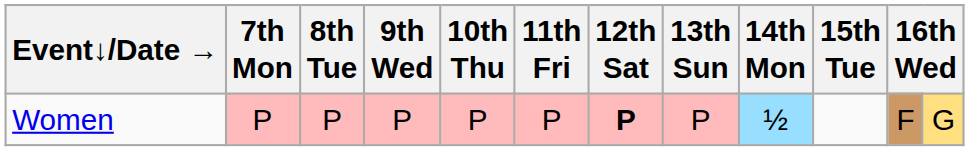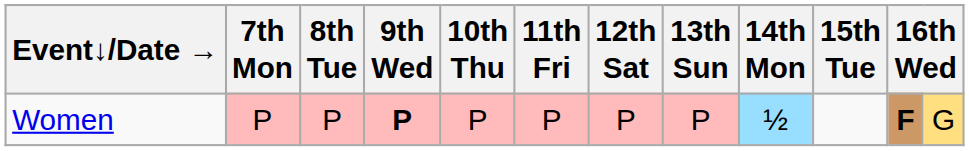 <table class="wikitable" style="margin:0.5em auto; font-size:90%; line-height:1.25em; text-align:center;">
 <tr>
 <th>Event↓/Date →</th>
 <th>7th<br>Mon</th>
 <th>8th<br>Tue</th>
 <th>9th<br>Wed</th>
 <th>10th<br>Thu</th>
 <th>11th<br>Fri</th>
 <th>12th<br>Sat</th>
 <th>13th<br>Sun</th>
 <th>14th<br>Mon</th>
 <th>15th<br>Tue</th>
 <th colspan=2>16th<br>Wed</th>
 </tr>
 <tr>
 <td style="text-align:left;"><a href='#'>Women</a></td>
 <td bgcolor="#FFBBBB">P</td>
 <td bgcolor="#FFBBBB">P</td>
+<td bgcolor="#FFBBBB"><strong>P</strong></td>
 <td bgcolor="#FFBBBB">P</td>
 <td bgcolor="#FFBBBB">P</td>
 <td bgcolor="#FFBBBB">P</td>
-<td bgcolor="#FFBBBB"><strong>P</strong></td>
 <td bgcolor="#FFBBBB">P</td>
 <td bgcolor="#97DEFF">½</td>
 <td></td>
-<td bgcolor="#CC9966">F</td>
+<td bgcolor="#CC9966"><strong>F</strong></td>
 <td bgcolor="#FFDF80">G</td>
 </tr>
 </table>
